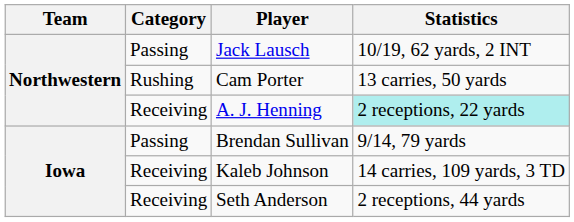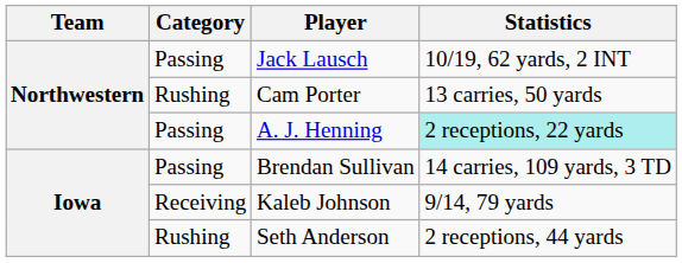 <table class="wikitable" style="float:right">
 <tr>
 <th>Team</th>
 <th>Category</th>
 <th>Player</th>
 <th>Statistics</th>
 </tr>
 <tr>
 <th rowspan=3>Northwestern</th>
 <td>Passing</td>
 <td><a href='#'>Jack Lausch</a></td>
 <td>10/19, 62 yards, 2 INT</td>
 </tr>
 <tr>
 <td>Rushing</td>
 <td>Cam Porter</td>
 <td>13 carries, 50 yards</td>
 </tr>
 <tr>
-<td>Receiving</td>
+<td>Passing</td>
 <td><a href='#'>A. J. Henning</a></td>
 <td style="background: paleturquoise;">2 receptions, 22 yards</td>
 </tr>
 <tr>
 <th rowspan=3>Iowa</th>
 <td>Passing</td>
 <td>Brendan Sullivan</td>
-<td>9/14, 79 yards</td>
+<td>14 carries, 109 yards, 3 TD</td>
 </tr>
 <tr>
 <td>Receiving</td>
 <td>Kaleb Johnson</td>
-<td>14 carries, 109 yards, 3 TD</td>
+<td>9/14, 79 yards</td>
 </tr>
 <tr>
-<td>Receiving</td>
+<td>Rushing</td>
 <td>Seth Anderson</td>
 <td>2 receptions, 44 yards</td>
 </tr>
 </table>
